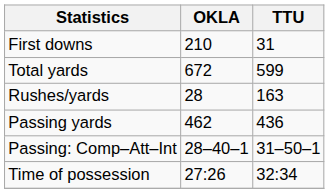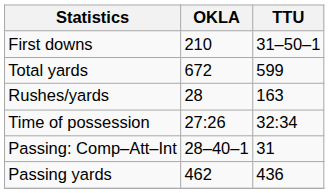 <table class="wikitable" style="float: left;">
 <tr>
 <th>Statistics</th>
 <th>OKLA</th>
 <th>TTU</th>
 </tr>
 <tr>
 <td>First downs</td>
 <td>210</td>
-<td>31</td>
+<td>31–50–1</td>
 </tr>
 <tr>
 <td>Total yards</td>
 <td>672</td>
 <td>599</td>
 </tr>
 <tr>
 <td>Rushes/yards</td>
 <td>28</td>
 <td>163</td>
 </tr>
 <tr>
+<td>Time of possession</td>
+<td>27:26</td>
+<td>32:34</td>
+</tr>
+<tr>
+<td>Passing: Comp–Att–Int</td>
+<td>28–40–1</td>
+<td>31</td>
+</tr>
+<tr>
 <td>Passing yards</td>
 <td>462</td>
 <td>436</td>
 </tr>
 <tr>
-<td>Passing: Comp–Att–Int</td>
-<td>28–40–1</td>
-<td>31–50–1</td>
-</tr>
-<tr>
-<td>Time of possession</td>
-<td>27:26</td>
-<td>32:34</td>
-</tr>
-<tr>
 </tr>
 </table>
